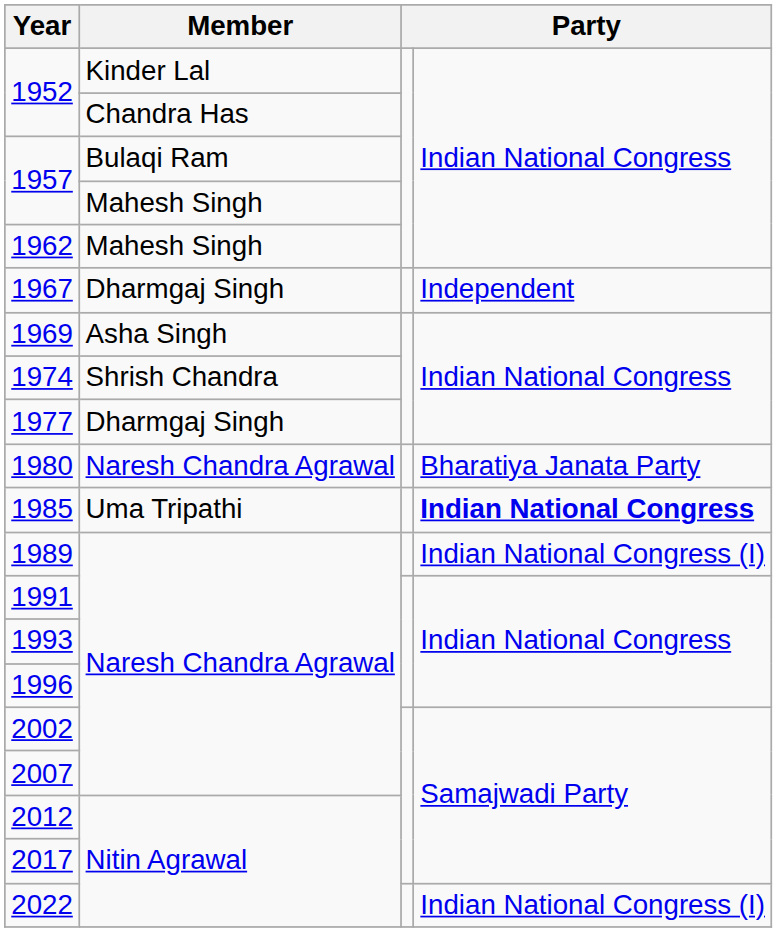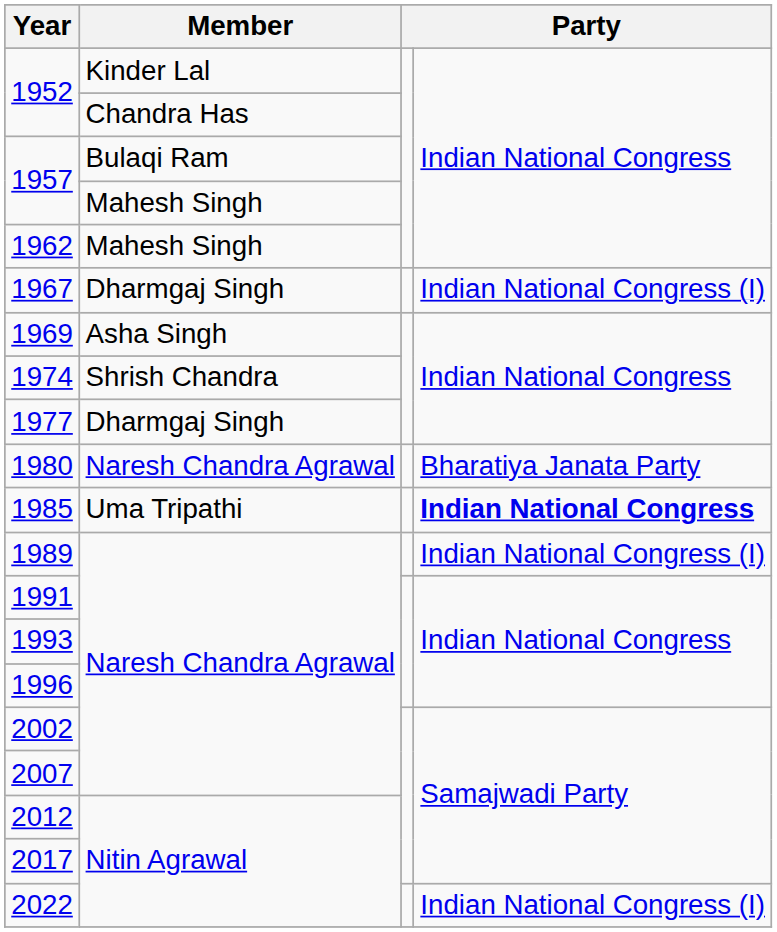 <table class="wikitable">
 <tr>
 <th>Year</th>
 <th>Member</th>
 <th colspan="2">Party</th>
 </tr>
 <tr>
 <td rowspan="2"><a href='#'>1952</a></td>
 <td>Kinder Lal</td>
 <td rowspan="5" style="background-color: "></td>
 <td rowspan="5"><a href='#'>Indian National Congress</a></td>
 </tr>
 <tr>
 <td>Chandra Has</td>
 </tr>
 <tr>
 <td rowspan="2"><a href='#'>1957</a></td>
 <td>Bulaqi Ram</td>
 </tr>
 <tr>
 <td>Mahesh Singh</td>
 </tr>
 <tr>
 <td><a href='#'>1962</a></td>
 <td>Mahesh Singh</td>
 </tr>
 <tr>
 <td><a href='#'>1967</a></td>
 <td>Dharmgaj Singh</td>
 <td style="background-color: "></td>
-<td><a href='#'>Independent</a></td>
+<td><a href='#'>Indian National Congress (I)</a></td>
 </tr>
 <tr>
 <td><a href='#'>1969</a></td>
 <td>Asha Singh</td>
 <td rowspan="3" style="background-color: "></td>
 <td rowspan="3"><a href='#'>Indian National Congress</a></td>
 </tr>
 <tr>
 <td><a href='#'>1974</a></td>
 <td>Shrish Chandra</td>
 </tr>
 <tr>
 <td><a href='#'>1977</a></td>
 <td>Dharmgaj Singh</td>
 </tr>
 <tr>
 <td><a href='#'>1980</a></td>
 <td><a href='#'>Naresh Chandra Agrawal</a></td>
 <td style="background-color: "></td>
 <td><a href='#'>Bharatiya Janata Party</a></td>
 </tr>
 <tr>
 <td><a href='#'>1985</a></td>
 <td>Uma Tripathi</td>
 <td style="background-color: "></td>
 <td><strong><a href='#'>Indian National Congress</a></strong></td>
 </tr>
 <tr>
 <td><a href='#'>1989</a></td>
 <td rowspan="6"><a href='#'>Naresh Chandra Agrawal</a></td>
 <td style="background-color: "></td>
 <td><a href='#'>Indian National Congress (I)</a></td>
 </tr>
 <tr>
 <td><a href='#'>1991</a></td>
 <td rowspan="3" style="background-color: "></td>
 <td rowspan="3"><a href='#'>Indian National Congress</a></td>
 </tr>
 <tr>
 <td><a href='#'>1993</a></td>
 </tr>
 <tr>
 <td><a href='#'>1996</a></td>
 </tr>
 <tr>
 <td><a href='#'>2002</a></td>
 <td rowspan="4" style="background-color: "></td>
 <td rowspan="4"><a href='#'>Samajwadi Party</a></td>
 </tr>
 <tr>
 <td><a href='#'>2007</a></td>
 </tr>
 <tr>
 <td><a href='#'>2012</a></td>
 <td rowspan="3"><a href='#'>Nitin Agrawal</a></td>
 </tr>
 <tr>
 <td><a href='#'>2017</a></td>
 </tr>
 <tr>
 <td><a href='#'>2022</a></td>
 <td style="background-color: "></td>
 <td><a href='#'>Indian National Congress (I)</a></td>
 </tr>
 </table>
